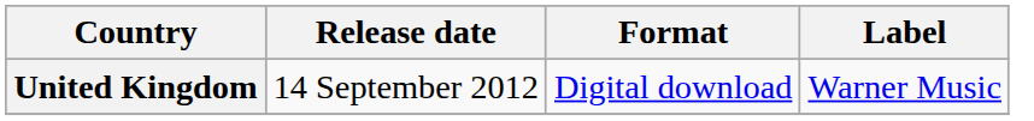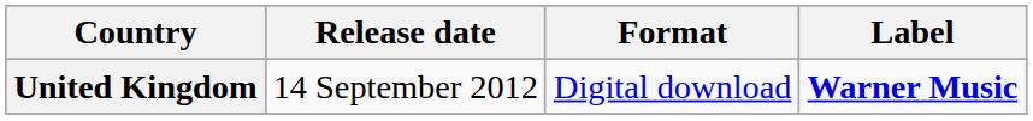 <table class="wikitable plainrowheaders">
 <tr>
 <th scope="col">Country</th>
 <th scope="col">Release date</th>
 <th scope="col">Format</th>
 <th scope="col">Label</th>
 </tr>
 <tr>
 <th scope="row">United Kingdom</th>
 <td>14 September 2012</td>
 <td><a href='#'>Digital download</a></td>
-<td><a href='#'>Warner Music</a></td>
+<td><strong><a href='#'>Warner Music</a></strong></td>
 </tr>
 <tr>
 </tr>
 </table>
